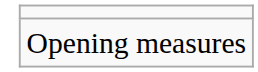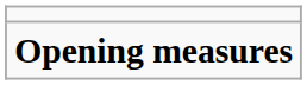 <table class="wikitable" style="float: right;">
 <tr>
 <td></td>
 </tr>
 <tr>
-<td>Opening measures</td>
+<td><strong>Opening measures</strong></td>
 </tr>
 </table>
